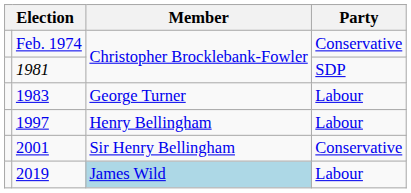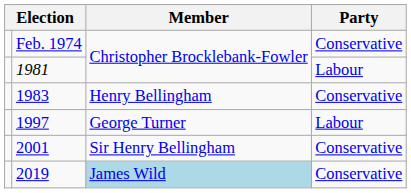 <table class="wikitable">
 <tr>
 <th colspan="2">Election</th>
 <th>Member</th>
 <th>Party</th>
 </tr>
 <tr>
 <td style="color:inherit;background-color: "></td>
 <td><a href='#'>Feb. 1974</a></td>
 <td rowspan="2"><a href='#'>Christopher Brocklebank-Fowler</a></td>
 <td><a href='#'>Conservative</a></td>
 </tr>
 <tr>
 <td style="color:inherit;background-color: "></td>
 <td><em>1981</em></td>
-<td><a href='#'>SDP</a></td>
+<td><a href='#'>Labour</a></td>
 </tr>
 <tr>
 <td style="color:inherit;background-color: "></td>
 <td><a href='#'>1983</a></td>
-<td><a href='#'>George Turner</a></td>
-<td><a href='#'>Labour</a></td>
+<td><a href='#'>Henry Bellingham</a></td>
+<td><a href='#'>Conservative</a></td>
 </tr>
 <tr>
 <td style="color:inherit;background-color: "></td>
 <td><a href='#'>1997</a></td>
-<td><a href='#'>Henry Bellingham</a></td>
+<td><a href='#'>George Turner</a></td>
 <td><a href='#'>Labour</a></td>
 </tr>
 <tr>
 <td style="color:inherit;background-color: "></td>
 <td><a href='#'>2001</a></td>
 <td><a href='#'>Sir Henry Bellingham</a></td>
 <td><a href='#'>Conservative</a></td>
 </tr>
 <tr>
 <td style="color:inherit;background-color: "></td>
 <td><a href='#'>2019</a></td>
 <td style="background: lightblue;"><a href='#'>James Wild</a></td>
-<td><a href='#'>Labour</a></td>
+<td><a href='#'>Conservative</a></td>
 </tr>
 </table>
